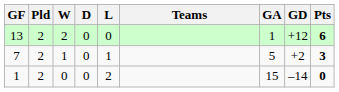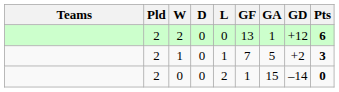 <table class="wikitable" style="text-align: center;">
 <tr>
-<th width=20>GF</th>
+<th width=165>Teams</th>
 <th width=20>Pld</th>
 <th width=20>W</th>
 <th width=20>D</th>
 <th width=20>L</th>
-<th width=165>Teams</th>
+<th width=20>GF</th>
 <th width=20>GA</th>
 <th width=20>GD</th>
 <th width=20>Pts</th>
 </tr>
 <tr align=center style="background:#ccffcc;">
-<td>13</td>
+<td style="text-align:left;"></td>
 <td>2</td>
 <td>2</td>
 <td>0</td>
 <td>0</td>
-<td style="text-align:left;"></td>
+<td>13</td>
 <td>1</td>
 <td>+12</td>
 <td><strong>6</strong></td>
 </tr>
 <tr align=center>
-<td>7</td>
+<td style="text-align:left;"></td>
 <td>2</td>
 <td>1</td>
 <td>0</td>
 <td>1</td>
-<td style="text-align:left;"></td>
+<td>7</td>
 <td>5</td>
 <td>+2</td>
 <td><strong>3</strong></td>
 </tr>
 <tr align=center>
-<td>1</td>
+<td style="text-align:left;"></td>
 <td>2</td>
 <td>0</td>
 <td>0</td>
 <td>2</td>
-<td style="text-align:left;"></td>
+<td>1</td>
 <td>15</td>
 <td>–14</td>
 <td><strong>0</strong></td>
 </tr>
 </table>
